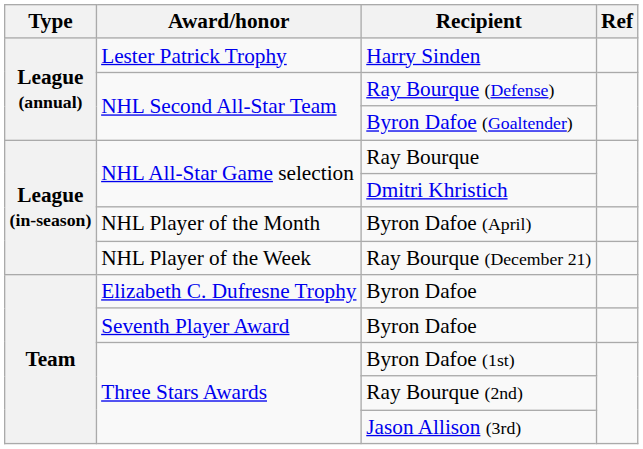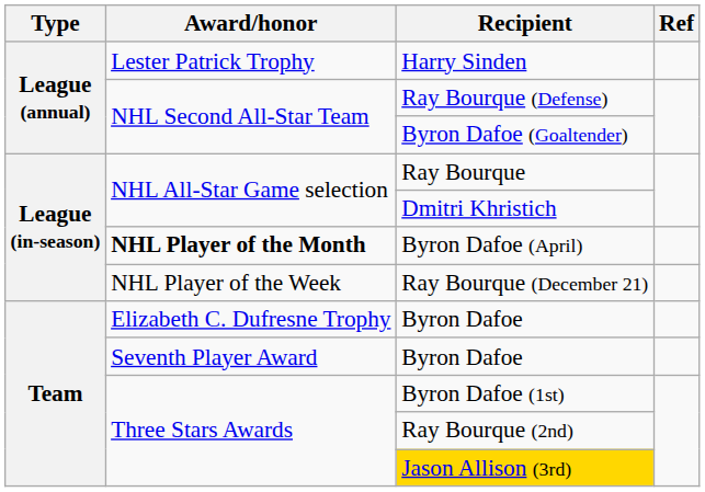 <table class="wikitable">
 <tr>
 <th scope="col">Type</th>
 <th scope="col">Award/honor</th>
 <th scope="col">Recipient</th>
 <th scope="col">Ref</th>
 </tr>
 <tr>
 <th scope="row" rowspan="3">League<br><small>(annual)</small></th>
 <td><a href='#'>Lester Patrick Trophy</a></td>
 <td><a href='#'>Harry Sinden</a></td>
 <td></td>
 </tr>
 <tr>
 <td rowspan=2><a href='#'>NHL Second All-Star Team</a></td>
 <td><a href='#'>Ray Bourque</a> <small>(<a href='#'>Defense</a>)</small></td>
 <td rowspan=2></td>
 </tr>
 <tr>
 <td><a href='#'>Byron Dafoe</a> <small>(<a href='#'>Goaltender</a>)</small></td>
 </tr>
 <tr>
 <th scope="row" rowspan=4>League<br><small>(in-season)</small></th>
 <td rowspan=2><a href='#'>NHL All-Star Game</a> selection</td>
 <td>Ray Bourque</td>
 <td rowspan=2></td>
 </tr>
 <tr>
 <td><a href='#'>Dmitri Khristich</a></td>
 </tr>
 <tr>
-<td>NHL Player of the Month</td>
+<td><strong>NHL Player of the Month</strong></td>
 <td>Byron Dafoe <small>(April)</small></td>
 <td></td>
 </tr>
 <tr>
 <td>NHL Player of the Week</td>
 <td>Ray Bourque <small>(December 21)</small></td>
 <td></td>
 </tr>
 <tr>
 <th scope="row" rowspan="6">Team<br></th>
 <td><a href='#'>Elizabeth C. Dufresne Trophy</a></td>
 <td>Byron Dafoe</td>
 <td></td>
 </tr>
 <tr>
 <td><a href='#'>Seventh Player Award</a></td>
 <td>Byron Dafoe</td>
 <td></td>
 </tr>
 <tr>
 <td rowspan="3"><a href='#'>Three Stars Awards</a></td>
 <td>Byron Dafoe <small>(1st)</small></td>
 <td rowspan="3"></td>
 </tr>
 <tr>
 <td>Ray Bourque <small>(2nd)</small></td>
 </tr>
 <tr>
-<td><a href='#'>Jason Allison</a> <small>(3rd)</small></td>
+<td style="background: gold;"><a href='#'>Jason Allison</a> <small>(3rd)</small></td>
 </tr>
 </table>
